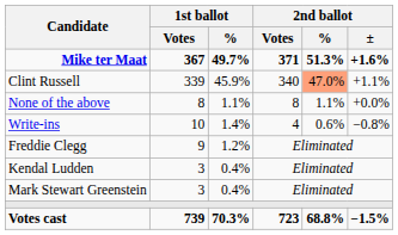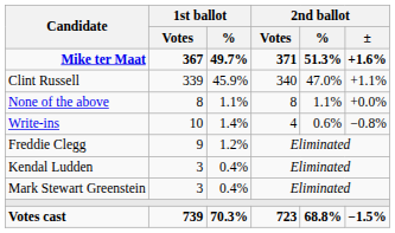 <table class="wikitable" style="text-align:right;">
 <tr>
 <th rowspan="2">Candidate</th>
 <th colspan="2">1st ballot</th>
 <th colspan="3">2nd ballot</th>
 </tr>
 <tr>
 <th width="60">Votes</th>
 <th width="45">%</th>
 <th width="50">Votes</th>
 <th width="45">%</th>
 <th width="45">±</th>
 </tr>
 <tr>
 <td><strong><a href='#'>Mike ter Maat</a></strong></td>
 <td><strong>367</strong></td>
 <td><strong>49.7%</strong></td>
 <td><strong>371</strong></td>
 <td><strong>51.3%</strong></td>
 <td><strong>+1.6%</strong></td>
 </tr>
 <tr>
 <td align="left">Clint Russell</td>
 <td>339</td>
 <td>45.9%</td>
 <td>340</td>
-<td style="background: lightsalmon;">47.0%</td>
+<td>47.0%</td>
 <td>+1.1%</td>
 </tr>
 <tr>
 <td align="left"><a href='#'>None of the above</a></td>
 <td>8</td>
 <td>1.1%</td>
 <td>8</td>
 <td>1.1%</td>
 <td>+0.0%</td>
 </tr>
 <tr>
 <td align="left"><a href='#'>Write-ins</a></td>
 <td>10</td>
 <td>1.4%</td>
 <td>4</td>
 <td>0.6%</td>
 <td>−0.8%</td>
 </tr>
 <tr>
 <td align="left">Freddie Clegg</td>
 <td>9</td>
 <td>1.2%</td>
 <td colspan="3" align="center"><em>Eliminated</em></td>
 </tr>
 <tr>
 <td align="left">Kendal Ludden</td>
 <td>3</td>
 <td>0.4%</td>
 <td colspan="3" align="center"><em>Eliminated</em></td>
 </tr>
 <tr>
 <td align="left">Mark Stewart Greenstein</td>
 <td>3</td>
 <td>0.4%</td>
 <td colspan="3" align="center"><em>Eliminated</em></td>
 </tr>
 <tr>
 <td colspan="6" bgcolor="#E9E9E9"></td>
 </tr>
 <tr style="font-weight:bold;">
 <td align="left">Votes cast</td>
 <td>739</td>
 <td>70.3%</td>
 <td>723</td>
 <td>68.8%</td>
 <td>−1.5%</td>
 </tr>
 </table>
